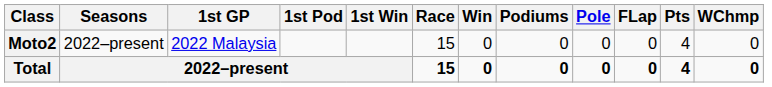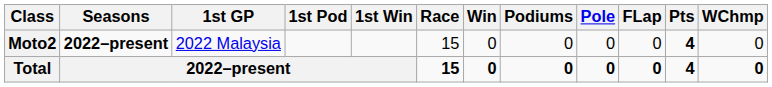 <table class="wikitable" style=text-align:right>
 <tr>
 <th>Class</th>
 <th>Seasons</th>
 <th>1st GP</th>
 <th>1st Pod</th>
 <th>1st Win</th>
 <th>Race</th>
 <th>Win</th>
 <th>Podiums</th>
 <th><a href='#'>Pole</a></th>
 <th>FLap</th>
 <th>Pts</th>
 <th>WChmp</th>
 </tr>
 <tr>
 <th>Moto2</th>
-<td>2022–present</td>
+<td><strong>2022–present</strong></td>
 <td align="left"><a href='#'>2022 Malaysia</a></td>
 <td align="left"></td>
 <td align="left"></td>
 <td>15</td>
 <td>0</td>
 <td>0</td>
 <td>0</td>
 <td>0</td>
-<td>4</td>
+<td><strong>4</strong></td>
 <td>0</td>
 </tr>
 <tr>
 <th>Total</th>
 <th colspan=4>2022–present</th>
 <td><strong>15</strong></td>
 <td><strong>0</strong></td>
 <td><strong>0</strong></td>
 <td><strong>0</strong></td>
 <td><strong>0</strong></td>
 <td><strong>4</strong></td>
 <td><strong>0</strong></td>
 </tr>
 </table>
